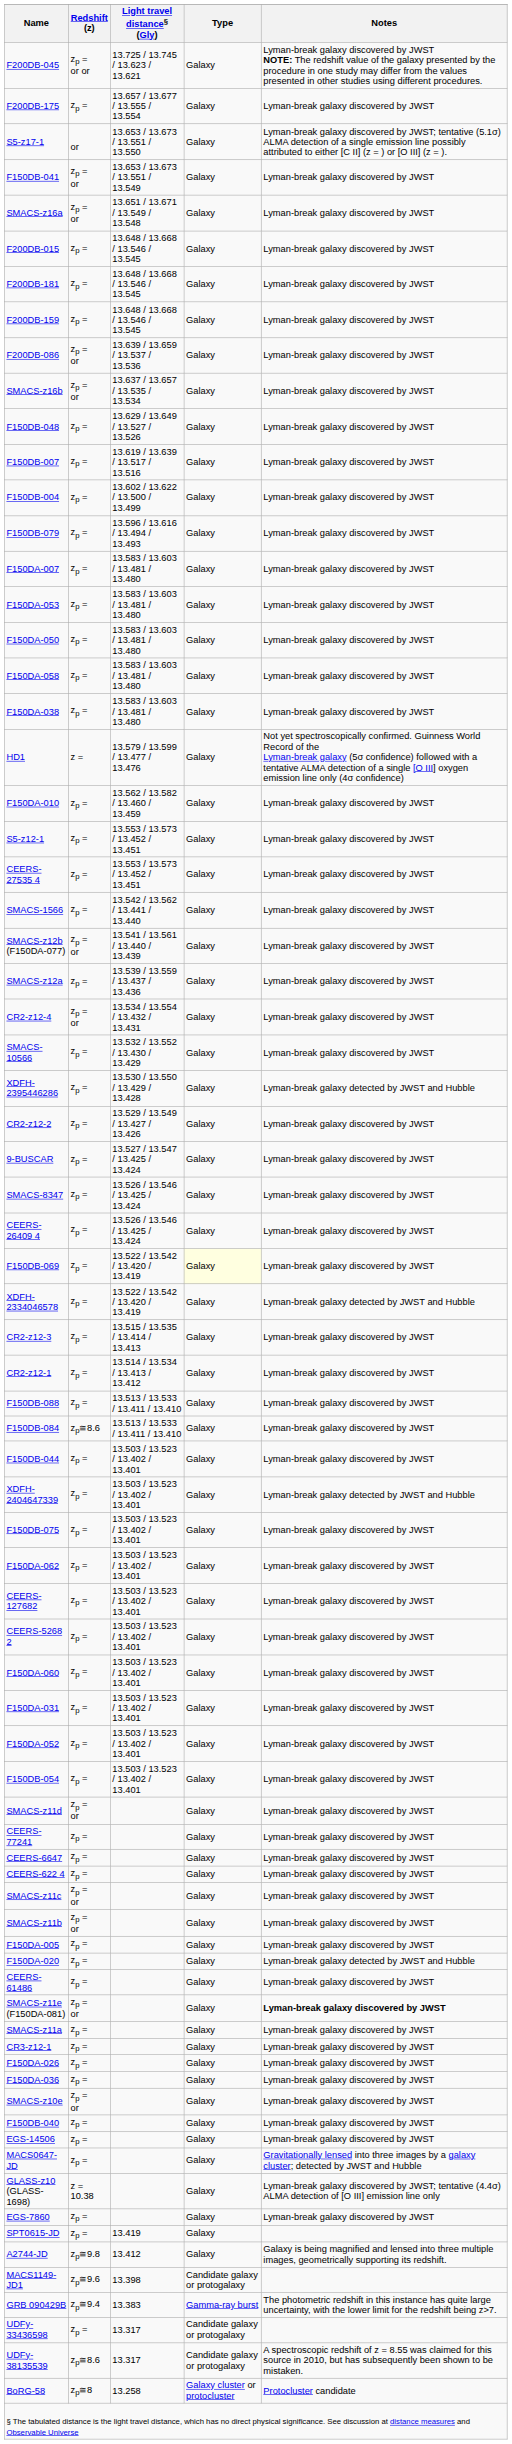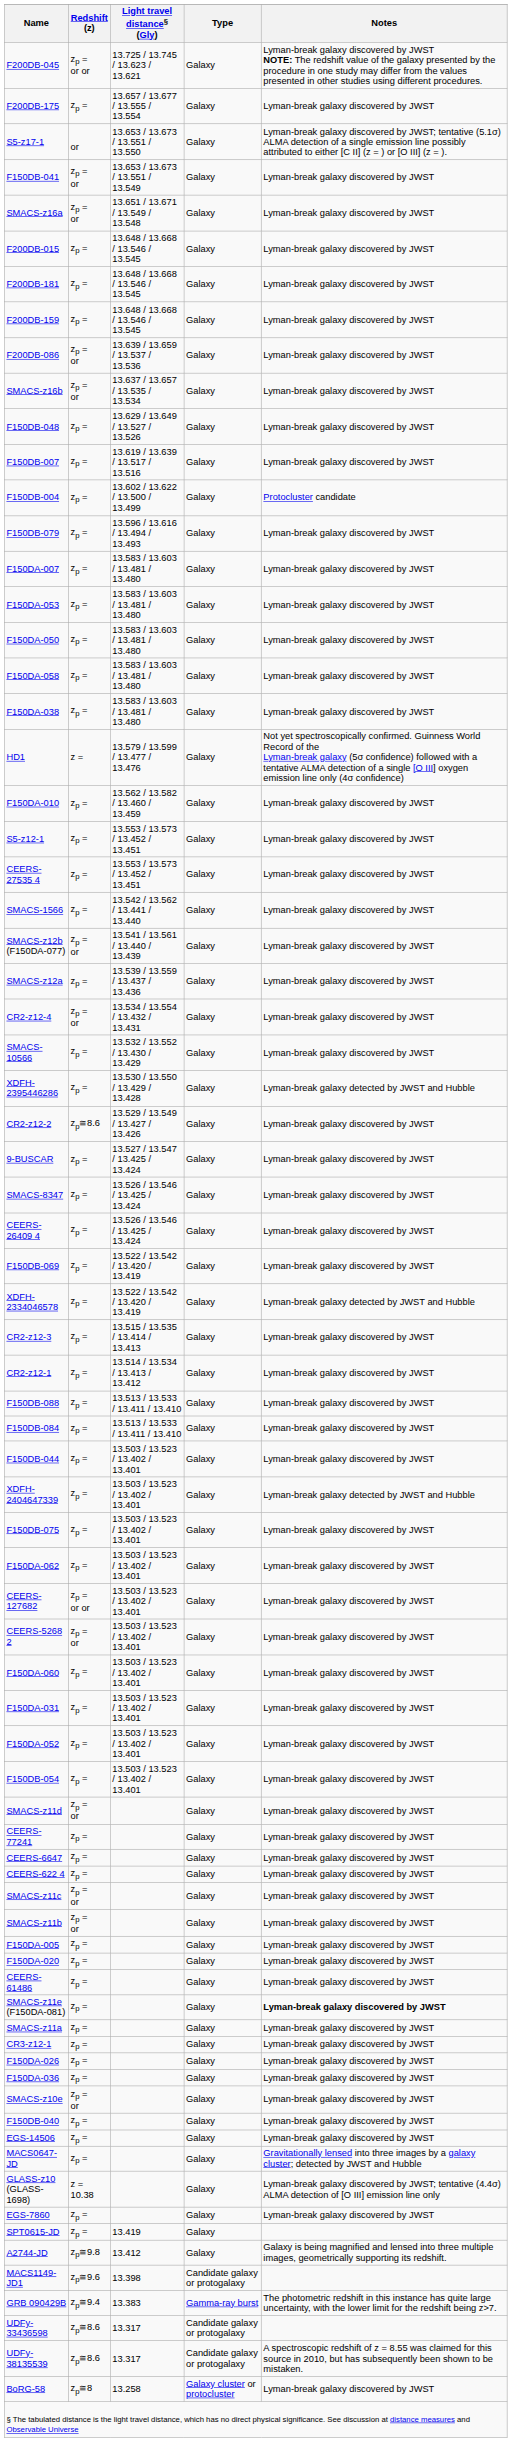 <table class="wikitable sticky-header">
 <tr>
 </tr>
 <tr>
 <th>Name</th>
 <th><a href='#'>Redshift</a> <br>(z)</th>
 <th><a href='#'>Light travel distance</a><sup>§</sup> <br>(<a href='#'>Gly</a>)</th>
 <th>Type</th>
 <th>Notes</th>
 </tr>
 <tr>
 <td><a href='#'>F200DB-045</a></td>
 <td>z<sub>p</sub> = <br>or  or </td>
 <td>13.725 / 13.745  / 13.623 / 13.621</td>
 <td>Galaxy</td>
 <td>Lyman-break galaxy discovered by JWST<br><strong>NOTE:</strong> The redshift value of the galaxy presented by the procedure in one study may differ from the values presented in other studies using different procedures.</td>
 </tr>
 <tr>
 <td><a href='#'>F200DB-175</a></td>
 <td>z<sub>p</sub> = </td>
 <td>13.657 / 13.677  / 13.555 / 13.554</td>
 <td>Galaxy</td>
 <td>Lyman-break galaxy discovered by JWST</td>
 </tr>
 <tr>
 <td><a href='#'>S5-z17-1</a></td>
 <td><br>or </td>
 <td>13.653 / 13.673  / 13.551 / 13.550</td>
 <td>Galaxy</td>
 <td>Lyman-break galaxy discovered by JWST; tentative (5.1σ) ALMA detection of a single emission line possibly attributed to either [C II] (z = ) or [O III] (z = ).</td>
 </tr>
 <tr>
 <td><a href='#'>F150DB-041</a></td>
 <td>z<sub>p</sub> = <br>or </td>
 <td>13.653 / 13.673  / 13.551 / 13.549</td>
 <td>Galaxy</td>
 <td>Lyman-break galaxy discovered by JWST</td>
 </tr>
 <tr>
 <td><a href='#'>SMACS-z16a</a></td>
 <td>z<sub>p</sub> = <br>or </td>
 <td>13.651 / 13.671  / 13.549 / 13.548</td>
 <td>Galaxy</td>
 <td>Lyman-break galaxy discovered by JWST</td>
 </tr>
 <tr>
 <td><a href='#'>F200DB-015</a></td>
 <td>z<sub>p</sub> = </td>
 <td>13.648 / 13.668  / 13.546 / 13.545</td>
 <td>Galaxy</td>
 <td>Lyman-break galaxy discovered by JWST</td>
 </tr>
 <tr>
 <td><a href='#'>F200DB-181</a></td>
 <td>z<sub>p</sub> = </td>
 <td>13.648 / 13.668  / 13.546 / 13.545</td>
 <td>Galaxy</td>
 <td>Lyman-break galaxy discovered by JWST</td>
 </tr>
 <tr>
 <td><a href='#'>F200DB-159</a></td>
 <td>z<sub>p</sub> = </td>
 <td>13.648 / 13.668  / 13.546 / 13.545</td>
 <td>Galaxy</td>
 <td>Lyman-break galaxy discovered by JWST</td>
 </tr>
 <tr>
 <td><a href='#'>F200DB-086</a></td>
 <td>z<sub>p</sub> = <br>or </td>
 <td>13.639 / 13.659  / 13.537 / 13.536</td>
 <td>Galaxy</td>
 <td>Lyman-break galaxy discovered by JWST</td>
 </tr>
 <tr>
 <td><a href='#'>SMACS-z16b</a></td>
 <td>z<sub>p</sub> = <br>or </td>
 <td>13.637 / 13.657  / 13.535 / 13.534</td>
 <td>Galaxy</td>
 <td>Lyman-break galaxy discovered by JWST</td>
 </tr>
 <tr>
 <td><a href='#'>F150DB-048</a></td>
 <td>z<sub>p</sub> = </td>
 <td>13.629 / 13.649  / 13.527 / 13.526</td>
 <td>Galaxy</td>
 <td>Lyman-break galaxy discovered by JWST</td>
 </tr>
 <tr>
 <td><a href='#'>F150DB-007</a></td>
 <td>z<sub>p</sub> = </td>
 <td>13.619 / 13.639  / 13.517 / 13.516</td>
 <td>Galaxy</td>
 <td>Lyman-break galaxy discovered by JWST</td>
 </tr>
 <tr>
 <td><a href='#'>F150DB-004</a></td>
 <td>z<sub>p</sub> = </td>
 <td>13.602 / 13.622  / 13.500 / 13.499</td>
 <td>Galaxy</td>
-<td>Lyman-break galaxy discovered by JWST</td>
+<td><a href='#'>Protocluster</a> candidate</td>
 </tr>
 <tr>
 <td><a href='#'>F150DB-079</a></td>
 <td>z<sub>p</sub> = </td>
 <td>13.596 / 13.616  / 13.494 / 13.493</td>
 <td>Galaxy</td>
 <td>Lyman-break galaxy discovered by JWST</td>
 </tr>
 <tr>
 <td><a href='#'>F150DA-007</a></td>
 <td>z<sub>p</sub> = </td>
 <td>13.583 / 13.603  / 13.481 / 13.480</td>
 <td>Galaxy</td>
 <td>Lyman-break galaxy discovered by JWST</td>
 </tr>
 <tr>
 <td><a href='#'>F150DA-053</a></td>
 <td>z<sub>p</sub> = </td>
 <td>13.583 / 13.603  / 13.481 / 13.480</td>
 <td>Galaxy</td>
 <td>Lyman-break galaxy discovered by JWST</td>
 </tr>
 <tr>
 <td><a href='#'>F150DA-050</a></td>
 <td>z<sub>p</sub> = </td>
 <td>13.583 / 13.603  / 13.481 / 13.480</td>
 <td>Galaxy</td>
 <td>Lyman-break galaxy discovered by JWST</td>
 </tr>
 <tr>
 <td><a href='#'>F150DA-058</a></td>
 <td>z<sub>p</sub> = <br></td>
 <td>13.583 / 13.603  / 13.481 / 13.480</td>
 <td>Galaxy</td>
 <td>Lyman-break galaxy discovered by JWST</td>
 </tr>
 <tr>
 <td><a href='#'>F150DA-038</a></td>
 <td>z<sub>p</sub> = </td>
 <td>13.583 / 13.603  / 13.481 / 13.480</td>
 <td>Galaxy</td>
 <td>Lyman-break galaxy discovered by JWST</td>
 </tr>
 <tr>
 <td><a href='#'>HD1</a></td>
 <td>z = </td>
 <td>13.579 / 13.599  / 13.477 / 13.476</td>
 <td>Galaxy</td>
 <td>Not yet spectroscopically confirmed. Guinness World Record of the <br><a href='#'>Lyman-break galaxy</a> (5σ confidence) followed with a tentative ALMA detection of a single <a href='#'>[O III</a>] oxygen emission line only (4σ confidence)</td>
 </tr>
 <tr>
 <td><a href='#'>F150DA-010</a></td>
 <td>z<sub>p</sub> = </td>
 <td>13.562 / 13.582  / 13.460 / 13.459</td>
 <td>Galaxy</td>
 <td>Lyman-break galaxy discovered by JWST</td>
 </tr>
 <tr>
 <td><a href='#'>S5-z12-1</a></td>
 <td>z<sub>p</sub> = </td>
 <td>13.553 / 13.573  / 13.452 / 13.451</td>
 <td>Galaxy</td>
 <td>Lyman-break galaxy discovered by JWST</td>
 </tr>
 <tr>
 <td><a href='#'>CEERS-27535 4</a></td>
 <td>z<sub>p</sub> = </td>
 <td>13.553 / 13.573  / 13.452 / 13.451</td>
 <td>Galaxy</td>
 <td>Lyman-break galaxy discovered by JWST</td>
 </tr>
 <tr>
 <td><a href='#'>SMACS-1566</a></td>
 <td>z<sub>p</sub> = </td>
 <td>13.542 / 13.562  / 13.441 / 13.440</td>
 <td>Galaxy</td>
 <td>Lyman-break galaxy discovered by JWST</td>
 </tr>
 <tr>
 <td><a href='#'>SMACS-z12b</a><br>(F150DA-077)</td>
 <td>z<sub>p</sub> = <br>or </td>
 <td>13.541 / 13.561  / 13.440 / 13.439</td>
 <td>Galaxy</td>
 <td>Lyman-break galaxy discovered by JWST</td>
 </tr>
 <tr>
 <td><a href='#'>SMACS-z12a</a></td>
 <td>z<sub>p</sub> = </td>
 <td>13.539 / 13.559  / 13.437 / 13.436</td>
 <td>Galaxy</td>
 <td>Lyman-break galaxy discovered by JWST</td>
 </tr>
 <tr>
 <td><a href='#'>CR2-z12-4</a></td>
 <td>z<sub>p</sub> = <br>or </td>
 <td>13.534 / 13.554  / 13.432 / 13.431</td>
 <td>Galaxy</td>
 <td>Lyman-break galaxy discovered by JWST</td>
 </tr>
 <tr>
 <td><a href='#'>SMACS-10566</a></td>
 <td>z<sub>p</sub> = </td>
 <td>13.532 / 13.552  / 13.430 / 13.429</td>
 <td>Galaxy</td>
 <td>Lyman-break galaxy discovered by JWST</td>
 </tr>
 <tr>
 <td><a href='#'>XDFH-2395446286</a></td>
 <td>z<sub>p</sub> = </td>
 <td>13.530 / 13.550  / 13.429 / 13.428</td>
 <td>Galaxy</td>
 <td>Lyman-break galaxy detected by JWST and Hubble</td>
 </tr>
 <tr>
 <td><a href='#'>CR2-z12-2</a></td>
-<td>z<sub>p</sub> = </td>
+<td>z<sub>p</sub>≅8.6</td>
 <td>13.529 / 13.549  / 13.427 / 13.426</td>
 <td>Galaxy</td>
 <td>Lyman-break galaxy discovered by JWST</td>
 </tr>
 <tr>
 <td><a href='#'>9-BUSCAR</a></td>
 <td>z<sub>p</sub> = </td>
 <td>13.527 / 13.547  / 13.425 / 13.424</td>
 <td>Galaxy</td>
 <td>Lyman-break galaxy discovered by JWST</td>
 </tr>
 <tr>
 <td><a href='#'>SMACS-8347</a></td>
 <td>z<sub>p</sub> = </td>
 <td>13.526 / 13.546  / 13.425 / 13.424</td>
 <td>Galaxy</td>
 <td>Lyman-break galaxy discovered by JWST</td>
 </tr>
 <tr>
 <td><a href='#'>CEERS-26409 4</a></td>
 <td>z<sub>p</sub> = </td>
 <td>13.526 / 13.546  / 13.425 / 13.424</td>
 <td>Galaxy</td>
 <td>Lyman-break galaxy discovered by JWST</td>
 </tr>
 <tr>
 <td><a href='#'>F150DB-069</a></td>
 <td>z<sub>p</sub> = </td>
 <td>13.522 / 13.542  / 13.420 / 13.419</td>
-<td style="background: lightyellow;">Galaxy</td>
+<td>Galaxy</td>
 <td>Lyman-break galaxy discovered by JWST</td>
 </tr>
 <tr>
 <td><a href='#'>XDFH-2334046578</a></td>
 <td>z<sub>p</sub> = </td>
 <td>13.522 / 13.542  / 13.420 / 13.419</td>
 <td>Galaxy</td>
 <td>Lyman-break galaxy detected by JWST and Hubble</td>
 </tr>
 <tr>
 <td><a href='#'>CR2-z12-3</a></td>
 <td>z<sub>p</sub> = </td>
 <td>13.515 / 13.535  / 13.414 / 13.413</td>
 <td>Galaxy</td>
 <td>Lyman-break galaxy discovered by JWST</td>
 </tr>
 <tr>
 <td><a href='#'>CR2-z12-1</a></td>
 <td>z<sub>p</sub> = </td>
 <td>13.514 / 13.534  / 13.413 / 13.412</td>
 <td>Galaxy</td>
 <td>Lyman-break galaxy discovered by JWST</td>
 </tr>
 <tr>
 <td><a href='#'>F150DB-088</a></td>
 <td>z<sub>p</sub> = </td>
 <td>13.513 / 13.533  / 13.411 / 13.410</td>
 <td>Galaxy</td>
 <td>Lyman-break galaxy discovered by JWST</td>
 </tr>
 <tr>
 <td><a href='#'>F150DB-084</a></td>
-<td>z<sub>p</sub>≅8.6</td>
+<td>z<sub>p</sub> = </td>
 <td>13.513 / 13.533  / 13.411 / 13.410</td>
 <td>Galaxy</td>
 <td>Lyman-break galaxy discovered by JWST</td>
 </tr>
 <tr>
 <td><a href='#'>F150DB-044</a></td>
 <td>z<sub>p</sub> = </td>
 <td>13.503 / 13.523  / 13.402 / 13.401</td>
 <td>Galaxy</td>
 <td>Lyman-break galaxy discovered by JWST</td>
 </tr>
 <tr>
 <td><a href='#'>XDFH-2404647339</a></td>
 <td>z<sub>p</sub> = </td>
 <td>13.503 / 13.523  / 13.402 / 13.401</td>
 <td>Galaxy</td>
 <td>Lyman-break galaxy detected by JWST and Hubble</td>
 </tr>
 <tr>
 <td><a href='#'>F150DB-075</a></td>
 <td>z<sub>p</sub> = <br></td>
 <td>13.503 / 13.523  / 13.402 / 13.401</td>
 <td>Galaxy</td>
 <td>Lyman-break galaxy discovered by JWST</td>
 </tr>
 <tr>
 <td><a href='#'>F150DA-062</a></td>
 <td>z<sub>p</sub> = <br></td>
 <td>13.503 / 13.523  / 13.402 / 13.401</td>
 <td>Galaxy</td>
 <td>Lyman-break galaxy discovered by JWST</td>
 </tr>
 <tr>
 <td><a href='#'>CEERS-127682</a></td>
-<td>z<sub>p</sub> = </td>
+<td>z<sub>p</sub> = <br>or  or </td>
 <td>13.503 / 13.523  / 13.402 / 13.401</td>
 <td>Galaxy</td>
 <td>Lyman-break galaxy discovered by JWST</td>
 </tr>
 <tr>
 <td><a href='#'>CEERS-5268 2</a></td>
-<td>z<sub>p</sub> = </td>
+<td>z<sub>p</sub> = <br>or </td>
 <td>13.503 / 13.523  / 13.402 / 13.401</td>
 <td>Galaxy</td>
 <td>Lyman-break galaxy discovered by JWST</td>
 </tr>
 <tr>
 <td><a href='#'>F150DA-060</a></td>
 <td>z<sub>p</sub> = </td>
 <td>13.503 / 13.523  / 13.402 / 13.401</td>
 <td>Galaxy</td>
 <td>Lyman-break galaxy discovered by JWST</td>
 </tr>
 <tr>
 <td><a href='#'>F150DA-031</a></td>
 <td>z<sub>p</sub> = </td>
 <td>13.503 / 13.523  / 13.402 / 13.401</td>
 <td>Galaxy</td>
 <td>Lyman-break galaxy discovered by JWST</td>
 </tr>
 <tr>
 <td><a href='#'>F150DA-052</a></td>
 <td>z<sub>p</sub> = </td>
 <td>13.503 / 13.523  / 13.402 / 13.401</td>
 <td>Galaxy</td>
 <td>Lyman-break galaxy discovered by JWST</td>
 </tr>
 <tr>
 <td><a href='#'>F150DB-054</a></td>
 <td>z<sub>p</sub> = </td>
 <td>13.503 / 13.523  / 13.402 / 13.401</td>
 <td>Galaxy</td>
 <td>Lyman-break galaxy discovered by JWST</td>
 </tr>
 <tr>
 <td><a href='#'>SMACS-z11d</a></td>
 <td>z<sub>p</sub> = <br>or </td>
 <td></td>
 <td>Galaxy</td>
 <td>Lyman-break galaxy discovered by JWST</td>
 </tr>
 <tr>
 <td><a href='#'>CEERS-77241</a></td>
 <td>z<sub>p</sub> = </td>
 <td></td>
 <td>Galaxy</td>
 <td>Lyman-break galaxy discovered by JWST</td>
 </tr>
 <tr>
 <td><a href='#'>CEERS-6647</a></td>
 <td>z<sub>p</sub> = </td>
 <td></td>
 <td>Galaxy</td>
 <td>Lyman-break galaxy discovered by JWST</td>
 </tr>
 <tr>
 <td><a href='#'>CEERS-622 4</a></td>
 <td>z<sub>p</sub> = </td>
 <td></td>
 <td>Galaxy</td>
 <td>Lyman-break galaxy discovered by JWST</td>
 </tr>
 <tr>
 <td><a href='#'>SMACS-z11c</a></td>
 <td>z<sub>p</sub> = <br>or </td>
 <td></td>
 <td>Galaxy</td>
 <td>Lyman-break galaxy discovered by JWST</td>
 </tr>
 <tr>
 <td><a href='#'>SMACS-z11b</a></td>
 <td>z<sub>p</sub> = <br>or </td>
 <td></td>
 <td>Galaxy</td>
 <td>Lyman-break galaxy discovered by JWST</td>
 </tr>
 <tr>
 <td><a href='#'>F150DA-005</a></td>
 <td>z<sub>p</sub> = </td>
 <td></td>
 <td>Galaxy</td>
 <td>Lyman-break galaxy discovered by JWST</td>
 </tr>
 <tr>
 <td><a href='#'>F150DA-020</a></td>
 <td>z<sub>p</sub> = </td>
 <td></td>
 <td>Galaxy</td>
-<td>Lyman-break galaxy detected by JWST and Hubble</td>
+<td>Lyman-break galaxy discovered by JWST</td>
 </tr>
 <tr>
 <td><a href='#'>CEERS-61486</a></td>
 <td>z<sub>p</sub> = </td>
 <td></td>
 <td>Galaxy</td>
 <td>Lyman-break galaxy discovered by JWST</td>
 </tr>
 <tr>
 <td><a href='#'>SMACS-z11e</a><br>(F150DA-081)</td>
-<td>z<sub>p</sub> = <br>or </td>
+<td>z<sub>p</sub> = </td>
 <td></td>
 <td>Galaxy</td>
 <td><strong>Lyman-break galaxy discovered by JWST</strong></td>
 </tr>
 <tr>
 <td><a href='#'>SMACS-z11a</a></td>
 <td>z<sub>p</sub> = </td>
 <td></td>
 <td>Galaxy</td>
 <td>Lyman-break galaxy discovered by JWST</td>
 </tr>
 <tr>
 <td><a href='#'>CR3-z12-1</a></td>
 <td>z<sub>p</sub> = </td>
 <td></td>
 <td>Galaxy</td>
 <td>Lyman-break galaxy discovered by JWST</td>
 </tr>
 <tr>
 <td><a href='#'>F150DA-026</a></td>
 <td>z<sub>p</sub> = </td>
 <td></td>
 <td>Galaxy</td>
 <td>Lyman-break galaxy discovered by JWST</td>
 </tr>
 <tr>
 <td><a href='#'>F150DA-036</a></td>
 <td>z<sub>p</sub> = </td>
 <td></td>
 <td>Galaxy</td>
 <td>Lyman-break galaxy discovered by JWST</td>
 </tr>
 <tr>
 <td><a href='#'>SMACS-z10e</a></td>
 <td>z<sub>p</sub> = <br>or </td>
 <td></td>
 <td>Galaxy</td>
 <td>Lyman-break galaxy discovered by JWST</td>
 </tr>
 <tr>
 <td><a href='#'>F150DB-040</a></td>
 <td>z<sub>p</sub> = </td>
 <td></td>
 <td>Galaxy</td>
 <td>Lyman-break galaxy discovered by JWST</td>
 </tr>
 <tr>
 <td><a href='#'>EGS-14506</a></td>
 <td>z<sub>p</sub> = </td>
 <td></td>
 <td>Galaxy</td>
 <td>Lyman-break galaxy discovered by JWST</td>
 </tr>
 <tr>
 <td><a href='#'>MACS0647-JD</a></td>
 <td>z<sub>p</sub> = </td>
 <td></td>
 <td>Galaxy</td>
 <td><a href='#'>Gravitationally lensed</a> into three images by a <a href='#'>galaxy cluster</a>; detected by JWST and Hubble</td>
 </tr>
 <tr>
 <td><a href='#'>GLASS-z10</a><br>(GLASS-1698)</td>
 <td>z = 10.38</td>
 <td></td>
 <td>Galaxy</td>
 <td>Lyman-break galaxy discovered by JWST; tentative (4.4σ) ALMA detection of [O III] emission line only</td>
 </tr>
 <tr>
 <td><a href='#'>EGS-7860</a></td>
 <td>z<sub>p</sub> = </td>
 <td></td>
 <td>Galaxy</td>
 <td>Lyman-break galaxy discovered by JWST</td>
 </tr>
 <tr>
 <td><a href='#'>SPT0615-JD</a></td>
 <td>z<sub>p</sub> = </td>
 <td>13.419</td>
 <td>Galaxy</td>
 <td></td>
 </tr>
 <tr>
 <td><a href='#'>A2744-JD</a></td>
 <td>z<sub>p</sub>≅9.8</td>
 <td>13.412</td>
 <td>Galaxy</td>
 <td>Galaxy is being magnified and lensed into three multiple images, geometrically supporting its redshift.</td>
 </tr>
 <tr>
 <td><a href='#'>MACS1149-JD1</a></td>
 <td>z<sub>p</sub>≅9.6</td>
 <td>13.398</td>
 <td>Candidate galaxy or protogalaxy</td>
 <td></td>
 </tr>
 <tr>
 <td><a href='#'>GRB 090429B</a></td>
 <td>z<sub>p</sub>≅9.4</td>
 <td>13.383</td>
 <td><a href='#'>Gamma-ray burst</a></td>
 <td> The photometric redshift in this instance has quite large uncertainty, with the lower limit for the redshift being z>7.</td>
 </tr>
 <tr>
 <td><a href='#'>UDFy-33436598</a></td>
-<td>z<sub>p</sub> = </td>
+<td>z<sub>p</sub>≅8.6</td>
 <td>13.317</td>
 <td>Candidate galaxy or protogalaxy</td>
 <td></td>
 </tr>
 <tr>
 <td><a href='#'>UDFy-38135539</a></td>
 <td>z<sub>p</sub>≅8.6</td>
 <td>13.317</td>
 <td>Candidate galaxy or protogalaxy</td>
 <td>A spectroscopic redshift of z = 8.55 was claimed for this source in 2010, but has subsequently been shown to be mistaken.</td>
 </tr>
 <tr>
 <td><a href='#'>BoRG-58</a></td>
 <td>z<sub>p</sub>≅8</td>
 <td>13.258</td>
 <td><a href='#'>Galaxy cluster</a> or <a href='#'>protocluster</a></td>
-<td><a href='#'>Protocluster</a> candidate</td>
+<td>Lyman-break galaxy discovered by JWST</td>
 </tr>
 <tr>
 <td colspan=5><br><small> § The tabulated distance is the light travel distance, which has no direct physical significance. See discussion at <a href='#'>distance measures</a> and <a href='#'>Observable Universe</a> </small></td>
 </tr>
 </table>
